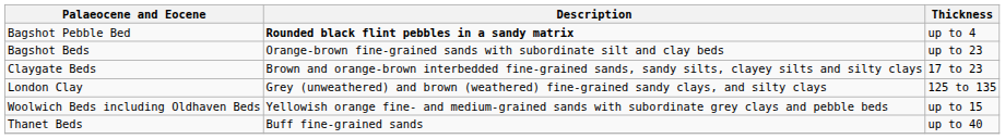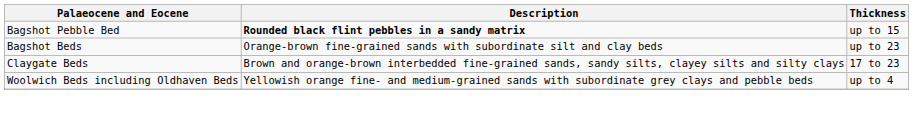 <table class="wikitable sortable">
 <tr>
 <th>Palaeocene and Eocene</th>
 <th>Description</th>
 <th>Thickness</th>
 </tr>
 <tr>
 <td>Bagshot Pebble Bed</td>
 <td><strong>Rounded black flint pebbles in a sandy matrix</strong></td>
-<td>up to 4</td>
+<td>up to 15</td>
 </tr>
 <tr>
 <td>Bagshot Beds</td>
 <td>Orange-brown fine-grained sands with subordinate silt and clay beds</td>
 <td>up to 23</td>
 </tr>
 <tr>
 <td>Claygate Beds</td>
 <td>Brown and orange-brown interbedded fine-grained sands, sandy silts, clayey silts and silty clays</td>
 <td>17 to 23</td>
 </tr>
 <tr>
-<td>London Clay</td>
-<td>Grey (unweathered) and brown (weathered) fine-grained sandy clays, and silty clays</td>
-<td>125 to 135</td>
-</tr>
-<tr>
 <td>Woolwich Beds including Oldhaven Beds</td>
 <td>Yellowish orange fine- and medium-grained sands with subordinate grey clays and pebble beds</td>
-<td>up to 15</td>
-</tr>
-<tr>
-<td>Thanet Beds</td>
-<td>Buff fine-grained sands</td>
-<td>up to 40</td>
+<td>up to 4</td>
 </tr>
 <tr>
 </tr>
 </table>
